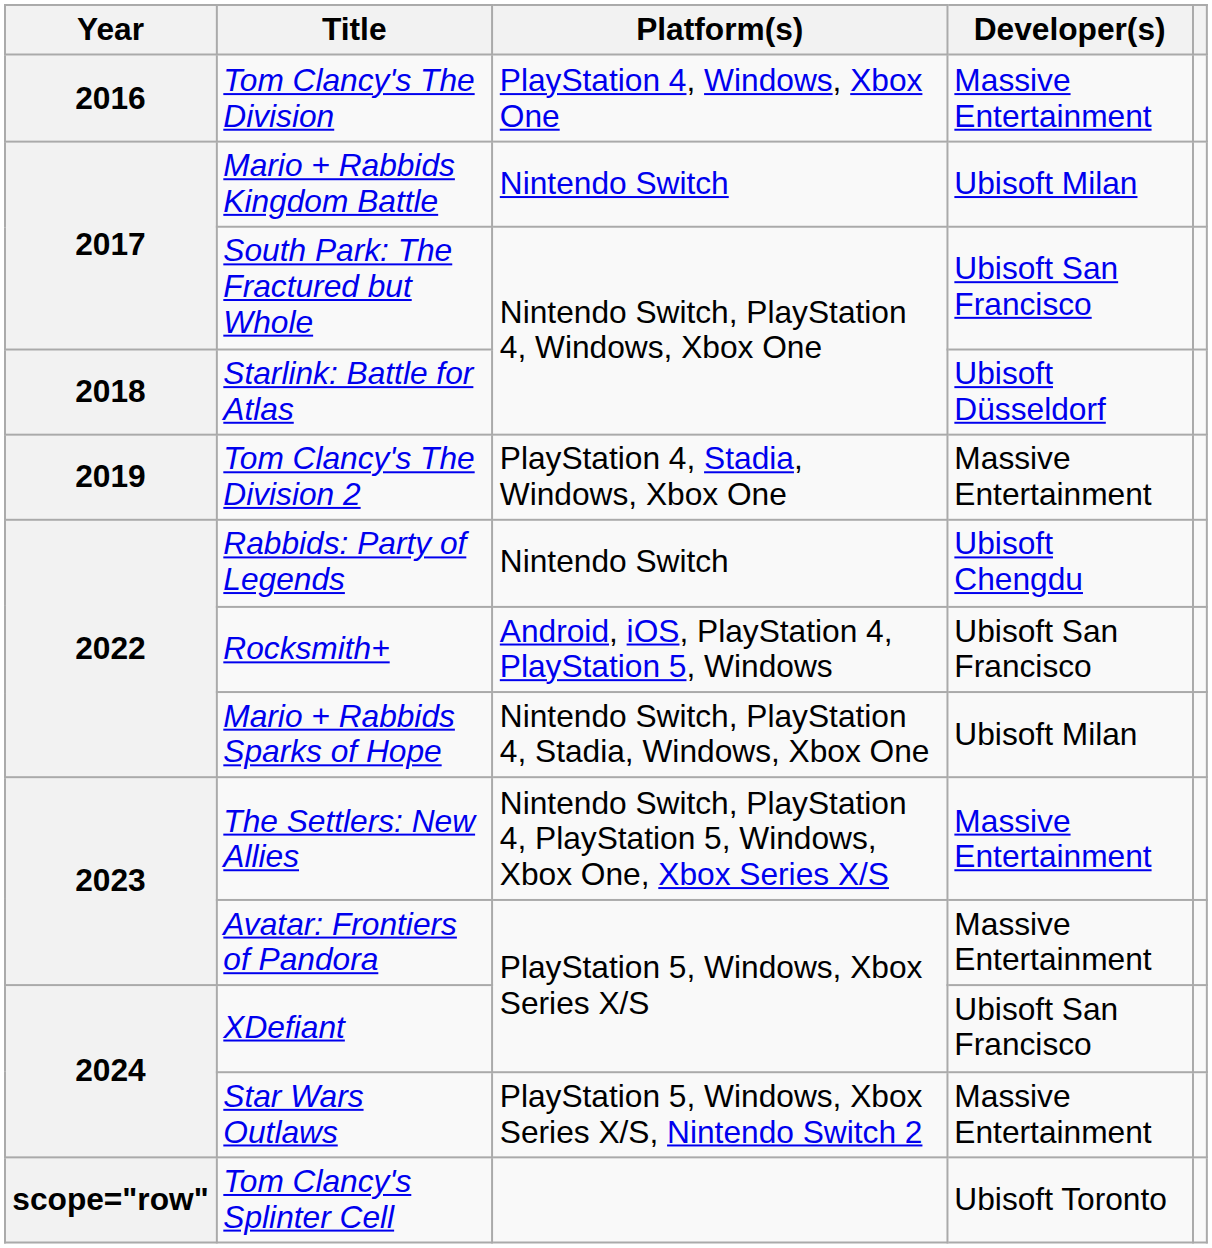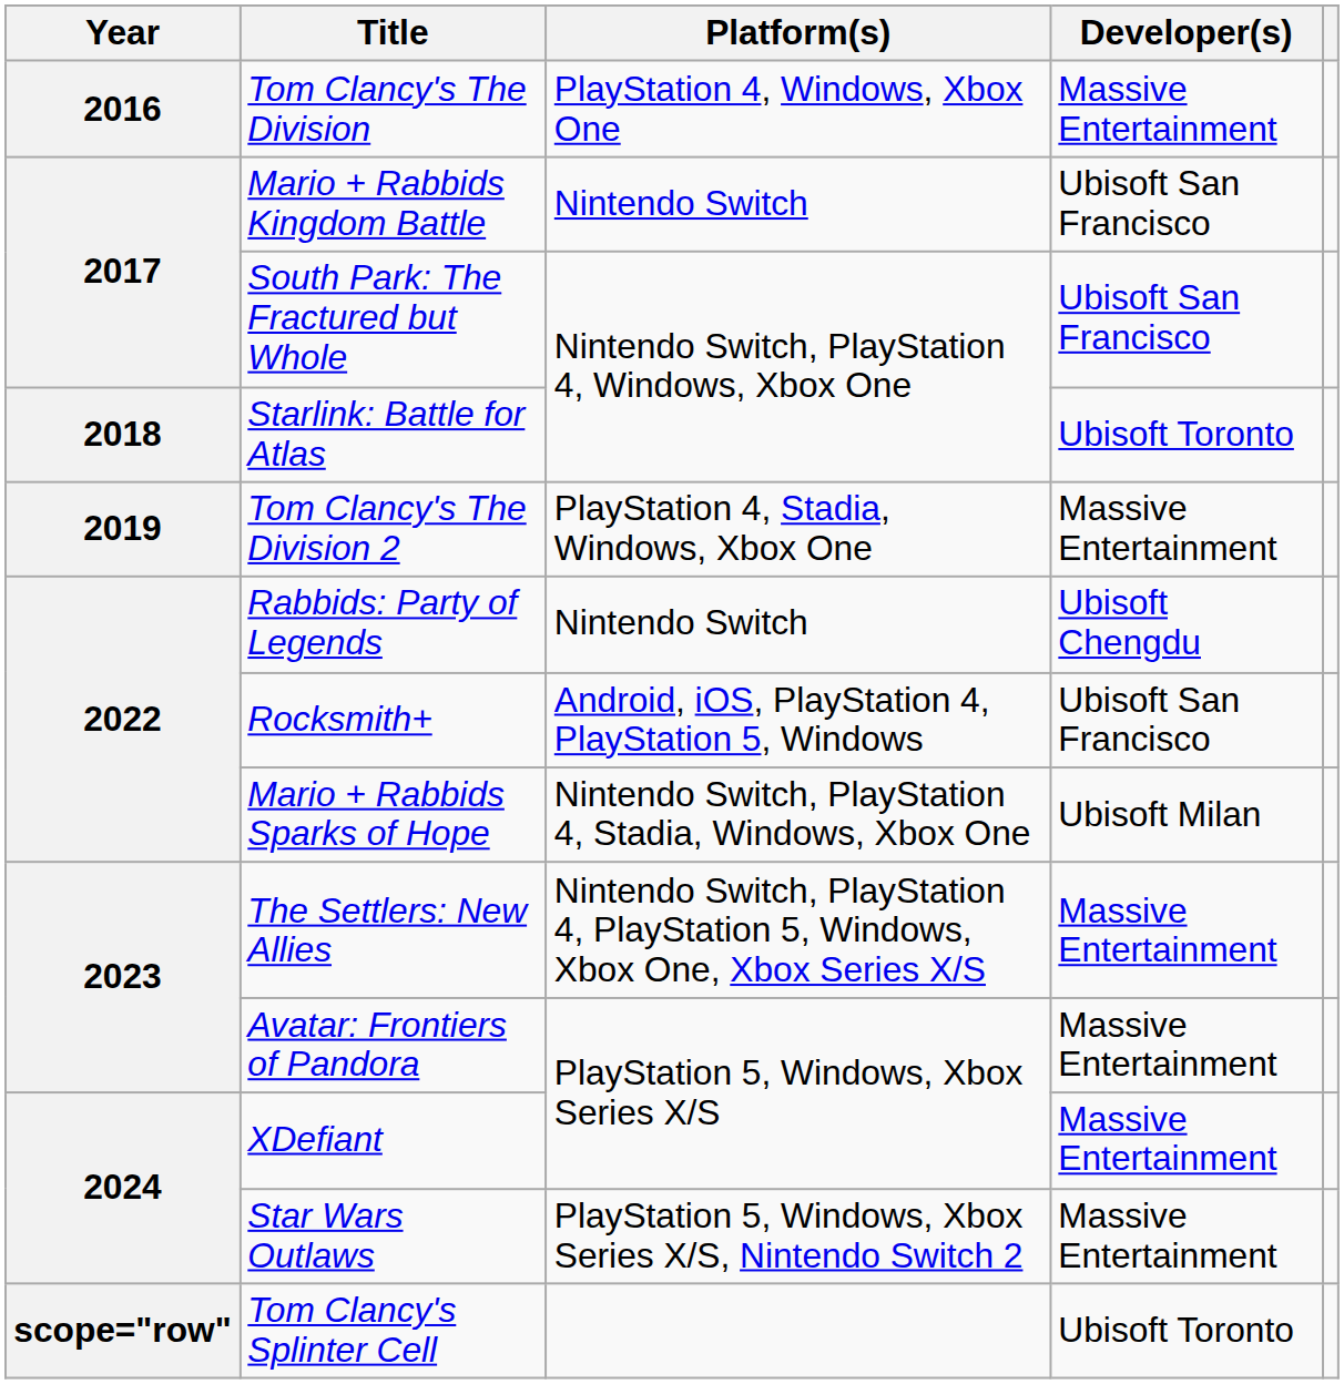 <table class="wikitable sortable plainrowheaders">
 <tr>
 <th scope="col">Year</th>
 <th scope="col">Title</th>
 <th scope="col">Platform(s)</th>
 <th scope="col">Developer(s)</th>
 <th scope="col" class="unsortable"></th>
 </tr>
 <tr>
 <th scope="row">2016</th>
 <td><em><a href='#'>Tom Clancy's The Division</a></em></td>
 <td><a href='#'>PlayStation 4</a>, <a href='#'>Windows</a>, <a href='#'>Xbox One</a></td>
 <td><a href='#'>Massive Entertainment</a></td>
 <td></td>
 </tr>
 <tr>
 <th scope="row" rowspan="2">2017</th>
 <td><em><a href='#'>Mario + Rabbids Kingdom Battle</a></em></td>
 <td><a href='#'>Nintendo Switch</a></td>
-<td><a href='#'>Ubisoft Milan</a></td>
+<td>Ubisoft San Francisco</td>
 <td></td>
 </tr>
 <tr>
 <td><em><a href='#'>South Park: The Fractured but Whole</a></em></td>
 <td rowspan="2">Nintendo Switch, PlayStation 4, Windows, Xbox One</td>
 <td><a href='#'>Ubisoft San Francisco</a></td>
 <td></td>
 </tr>
 <tr>
 <th scope="row">2018</th>
 <td><em><a href='#'>Starlink: Battle for Atlas</a></em></td>
-<td><a href='#'>Ubisoft Düsseldorf</a></td>
+<td><a href='#'>Ubisoft Toronto</a></td>
 <td></td>
 </tr>
 <tr>
 <th scope="row">2019</th>
 <td><em><a href='#'>Tom Clancy's The Division 2</a></em></td>
 <td>PlayStation 4, <a href='#'>Stadia</a>, Windows, Xbox One</td>
 <td>Massive Entertainment</td>
 <td></td>
 </tr>
 <tr>
 <th scope="row" rowspan="3">2022</th>
 <td><em><a href='#'>Rabbids: Party of Legends</a></em></td>
 <td>Nintendo Switch</td>
 <td><a href='#'>Ubisoft Chengdu</a></td>
 <td></td>
 </tr>
 <tr>
 <td><em><a href='#'>Rocksmith+</a></em></td>
 <td><a href='#'>Android</a>, <a href='#'>iOS</a>, PlayStation 4, <a href='#'>PlayStation 5</a>, Windows</td>
 <td>Ubisoft San Francisco</td>
 <td></td>
 </tr>
 <tr>
 <td><em><a href='#'>Mario + Rabbids Sparks of Hope</a></em></td>
 <td>Nintendo Switch, PlayStation 4, Stadia, Windows, Xbox One</td>
 <td>Ubisoft Milan</td>
 <td></td>
 </tr>
 <tr>
 <th scope="row" rowspan="2">2023</th>
 <td><em><a href='#'>The Settlers: New Allies</a></em></td>
 <td>Nintendo Switch, PlayStation 4, PlayStation 5, Windows, Xbox One, <a href='#'>Xbox Series X/S</a></td>
 <td><a href='#'>Massive Entertainment</a></td>
 <td></td>
 </tr>
 <tr>
 <td><em><a href='#'>Avatar: Frontiers of Pandora</a></em></td>
 <td rowspan="2">PlayStation 5, Windows, Xbox Series X/S</td>
 <td>Massive Entertainment</td>
 <td></td>
 </tr>
 <tr>
 <th scope="row" rowspan="2">2024</th>
 <td><em><a href='#'>XDefiant</a></em></td>
-<td>Ubisoft San Francisco</td>
+<td><a href='#'>Massive Entertainment</a></td>
 <td></td>
 </tr>
 <tr>
 <td><em><a href='#'>Star Wars Outlaws</a></em></td>
 <td rowspan="1">PlayStation 5, Windows, Xbox Series X/S, <a href='#'>Nintendo Switch 2</a></td>
 <td>Massive Entertainment</td>
 <td></td>
 </tr>
 <tr>
 <th>scope="row" </th>
 <td><em><a href='#'>Tom Clancy's Splinter Cell</a></em></td>
 <td></td>
 <td>Ubisoft Toronto</td>
 <td></td>
 </tr>
 </table>
